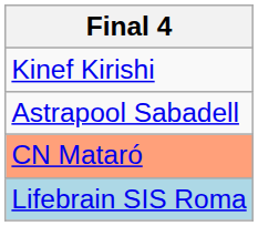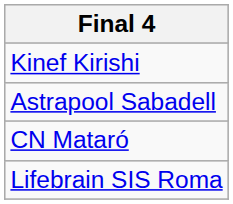 <table class="wikitable">
 <tr>
 <th colspan="5">Final 4</th>
 </tr>
 <tr>
 <td> <a href='#'>Kinef Kirishi</a></td>
 </tr>
 <tr>
 <td> <a href='#'>Astrapool Sabadell</a></td>
 </tr>
 <tr>
-<td style="background: lightsalmon;"> <a href='#'>CN Mataró</a></td>
+<td> <a href='#'>CN Mataró</a></td>
 </tr>
 <tr>
-<td style="background: lightblue;"> <a href='#'>Lifebrain SIS Roma</a></td>
+<td> <a href='#'>Lifebrain SIS Roma</a></td>
 </tr>
 </table>
